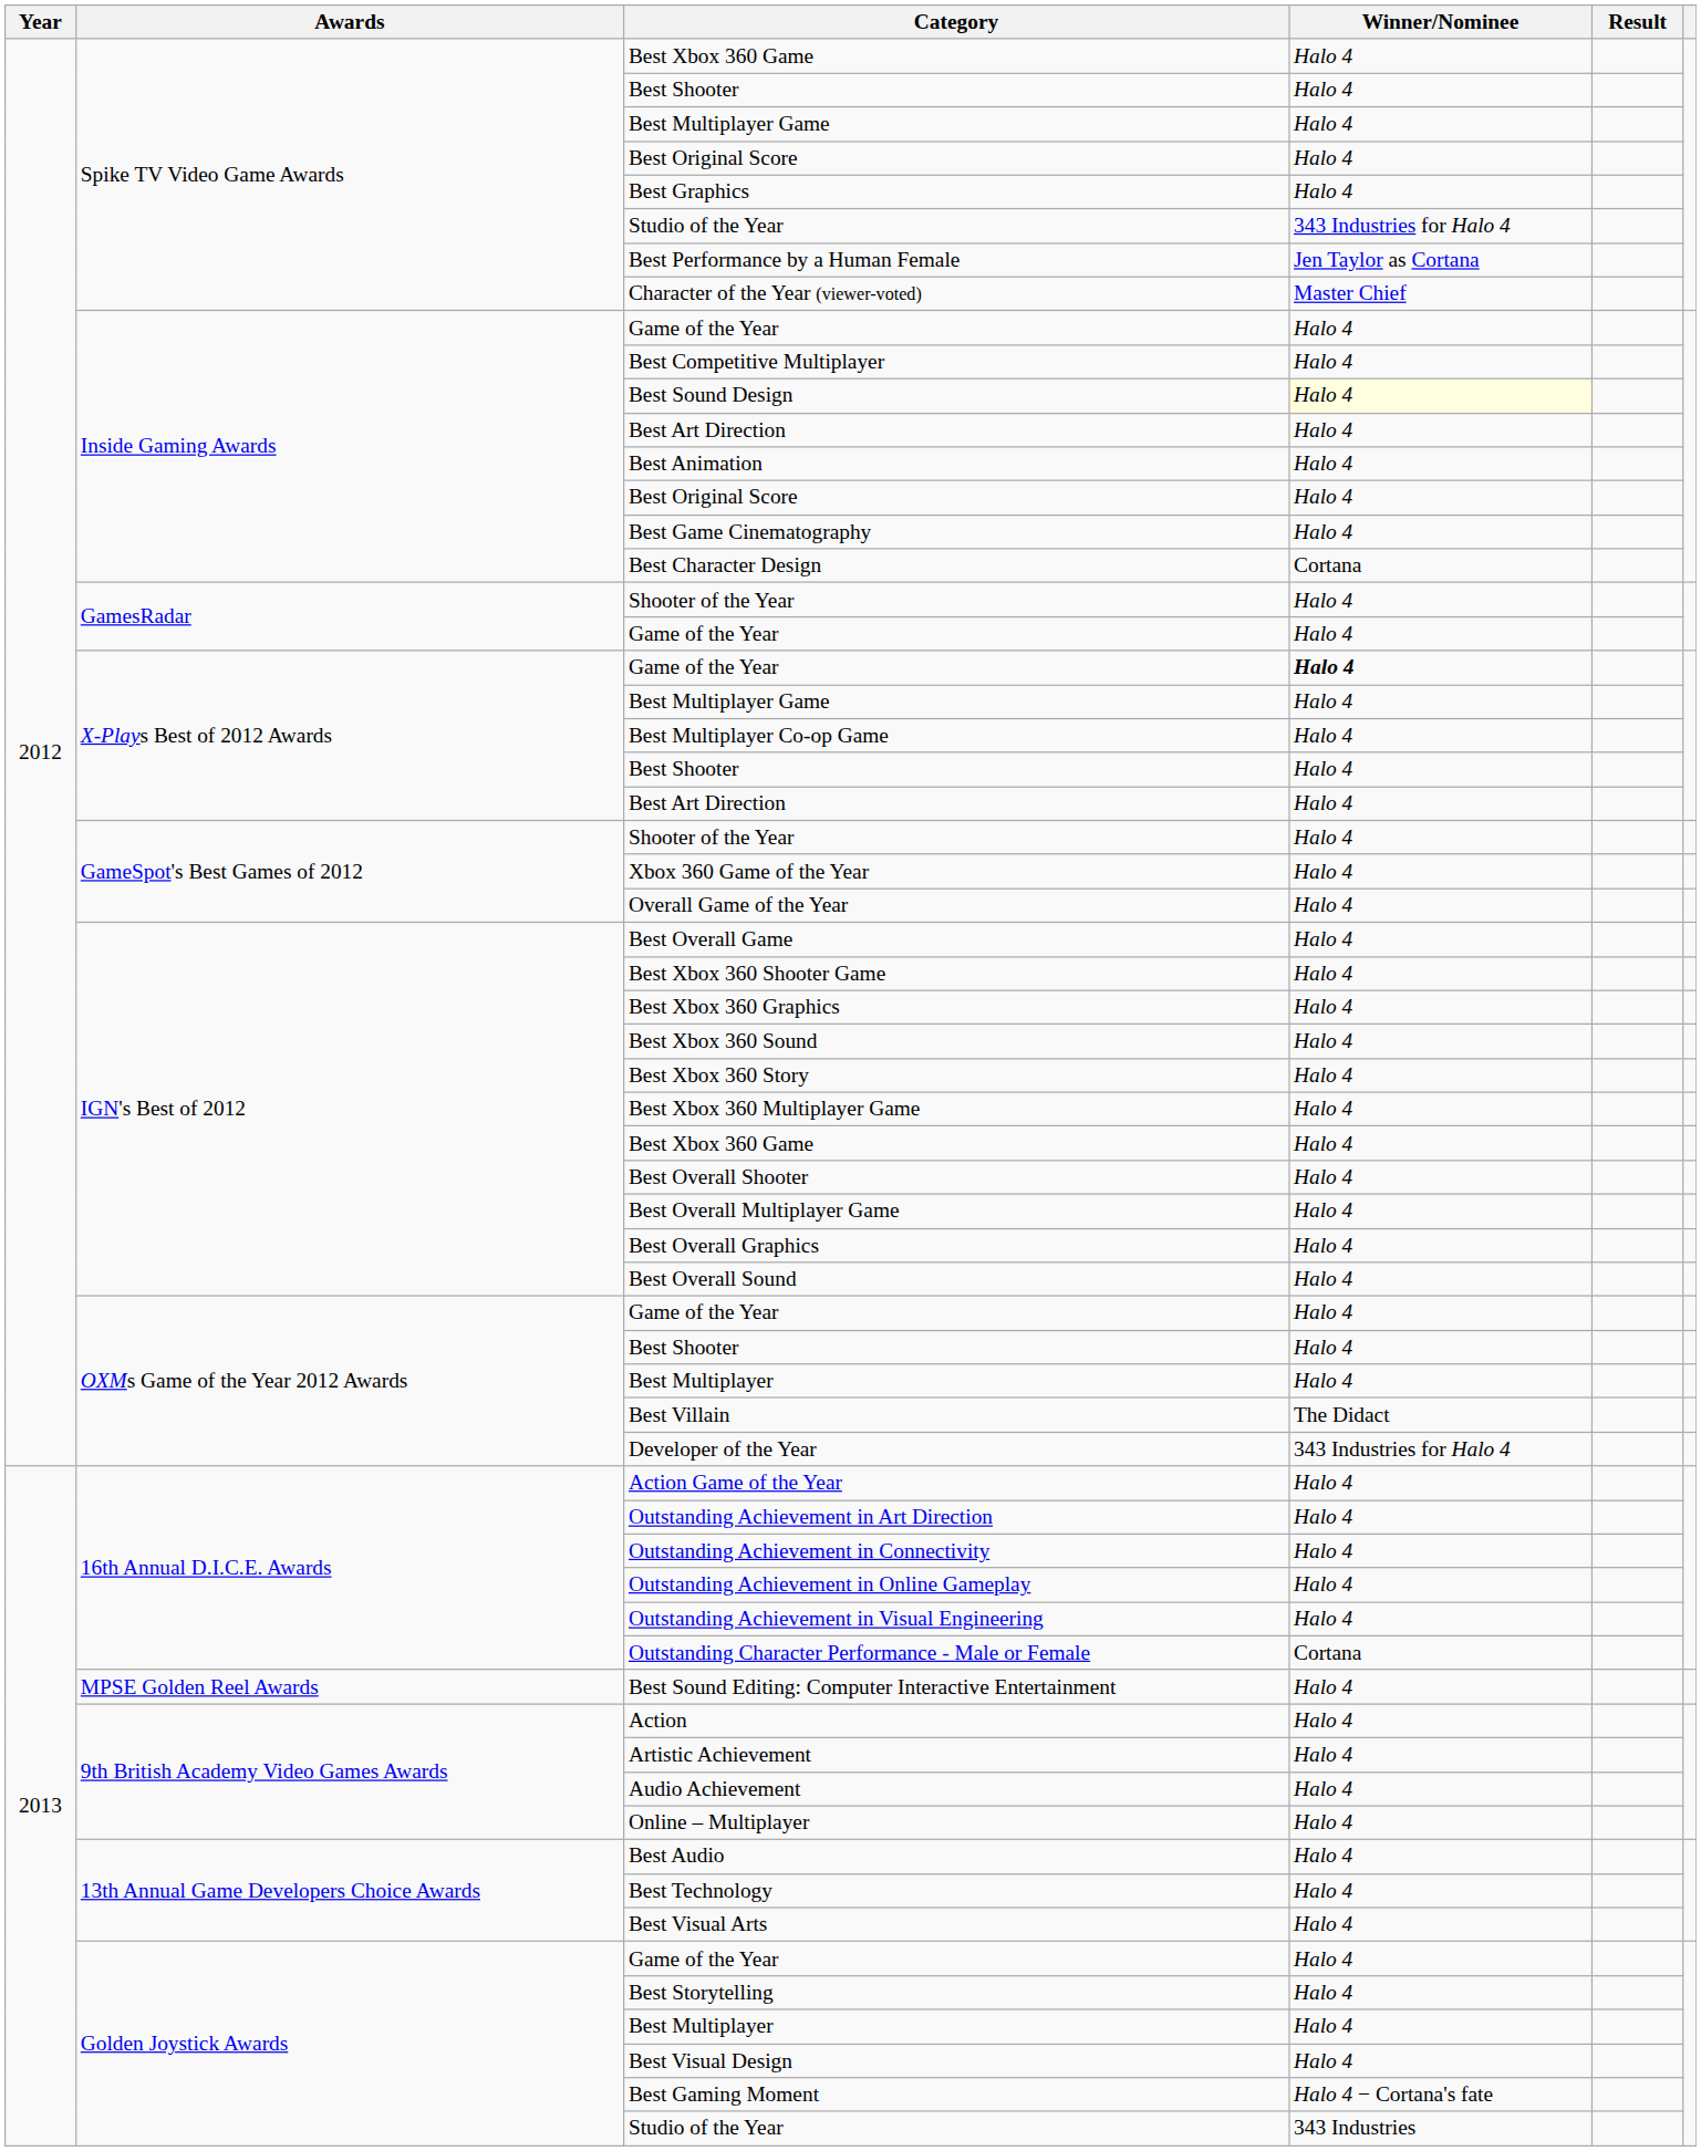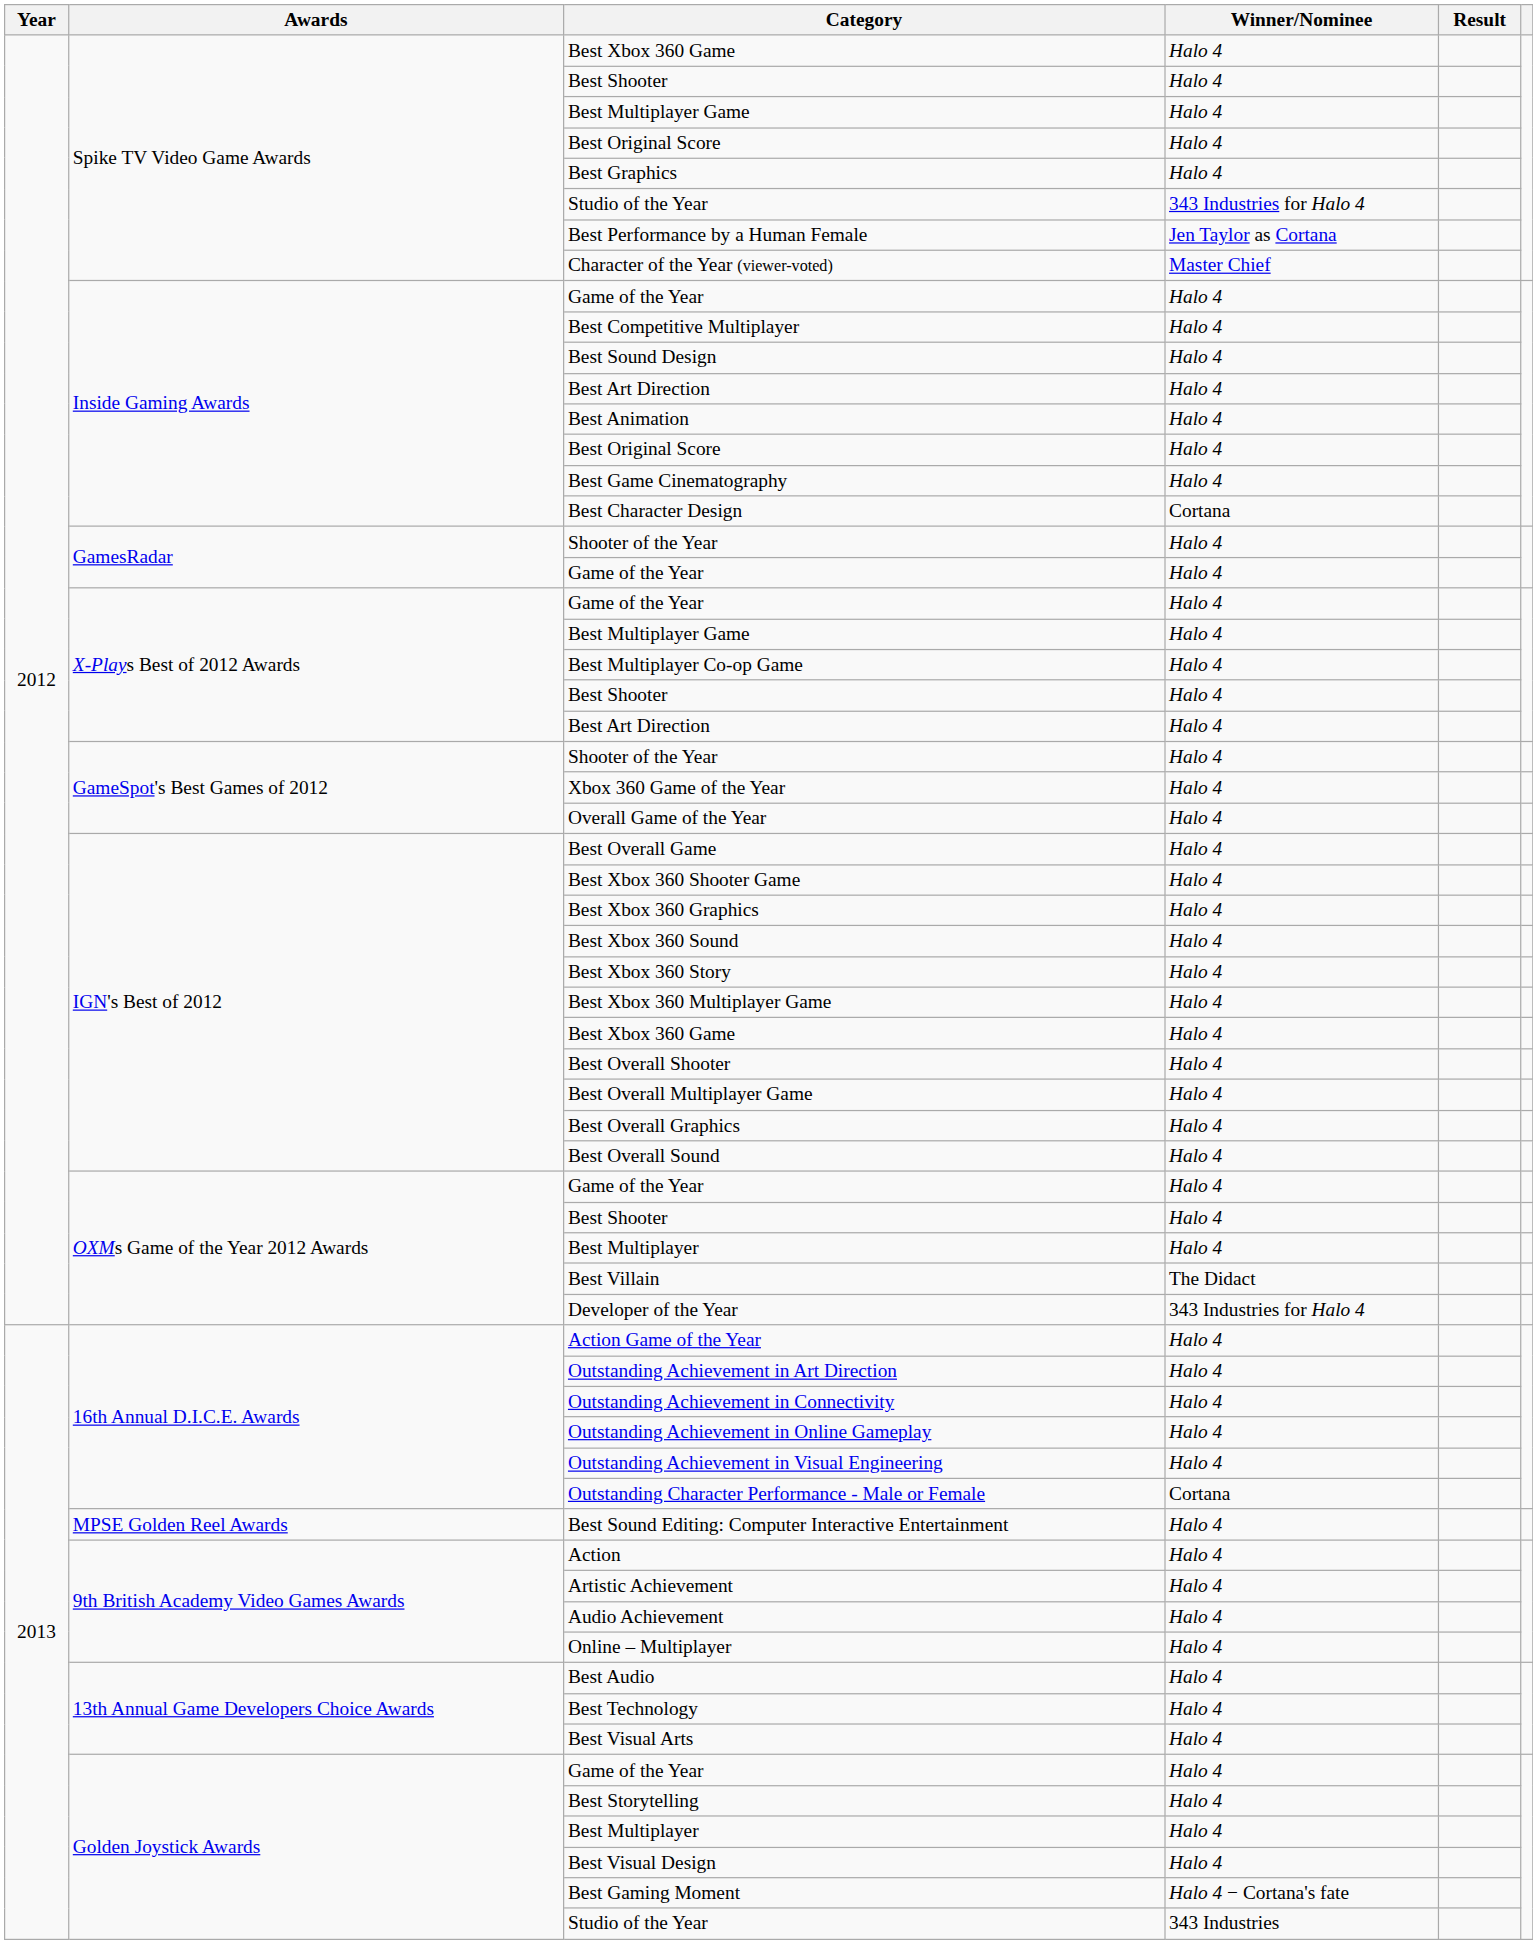 <table class="wikitable mw-collapsible mw-collapsed" style="width:100%;">
 <tr>
 <th>Year</th>
 <th>Awards</th>
 <th>Category</th>
 <th>Winner/Nominee</th>
 <th>Result</th>
 <th></th>
 </tr>
 <tr>
 <td rowspan="42" style="text-align:center;">2012</td>
 <td rowspan="8">Spike TV Video Game Awards</td>
 <td>Best Xbox 360 Game</td>
 <td><em>Halo 4</em></td>
 <td></td>
 <td rowspan="8" style="text-align:center;"></td>
 </tr>
 <tr>
 <td>Best Shooter</td>
 <td><em>Halo 4</em></td>
 <td></td>
 </tr>
 <tr>
 <td>Best Multiplayer Game</td>
 <td><em>Halo 4</em></td>
 <td></td>
 </tr>
 <tr>
 <td>Best Original Score</td>
 <td><em>Halo 4</em></td>
 <td></td>
 </tr>
 <tr>
 <td>Best Graphics</td>
 <td><em>Halo 4</em></td>
 <td></td>
 </tr>
 <tr>
 <td>Studio of the Year</td>
 <td><a href='#'>343 Industries</a> for <em>Halo 4</em></td>
 <td></td>
 </tr>
 <tr>
 <td>Best Performance by a Human Female</td>
 <td><a href='#'>Jen Taylor</a> as <a href='#'>Cortana</a></td>
 <td></td>
 </tr>
 <tr>
 <td>Character of the Year <small>(viewer-voted)</small></td>
 <td><a href='#'>Master Chief</a></td>
 <td></td>
 </tr>
 <tr>
 <td rowspan="8"><a href='#'>Inside Gaming Awards</a></td>
 <td>Game of the Year</td>
 <td><em>Halo 4</em></td>
 <td></td>
 <td rowspan="8" style="text-align:center;"><br></td>
 </tr>
 <tr>
 <td>Best Competitive Multiplayer</td>
 <td><em>Halo 4</em></td>
 <td></td>
 </tr>
 <tr>
 <td>Best Sound Design</td>
-<td style="background: lightyellow;"><em>Halo 4</em></td>
+<td><em>Halo 4</em></td>
 <td></td>
 </tr>
 <tr>
 <td>Best Art Direction</td>
 <td><em>Halo 4</em></td>
 <td></td>
 </tr>
 <tr>
 <td>Best Animation</td>
 <td><em>Halo 4</em></td>
 <td></td>
 </tr>
 <tr>
 <td>Best Original Score</td>
 <td><em>Halo 4</em></td>
 <td></td>
 </tr>
 <tr>
 <td>Best Game Cinematography</td>
 <td><em>Halo 4</em></td>
 <td></td>
 </tr>
 <tr>
 <td>Best Character Design</td>
 <td>Cortana</td>
 <td></td>
 </tr>
 <tr>
 <td rowspan="2"><a href='#'>GamesRadar</a></td>
 <td>Shooter of the Year</td>
 <td><em>Halo 4</em></td>
 <td></td>
 <td rowspan="2" style="text-align:center;"></td>
 </tr>
 <tr>
 <td>Game of the Year</td>
 <td><em>Halo 4</em></td>
 <td></td>
 </tr>
 <tr>
 <td rowspan="5"><em><a href='#'>X-Play</a></em>s Best of 2012 Awards</td>
 <td>Game of the Year</td>
-<td><strong><em>Halo 4</em></strong></td>
+<td><em>Halo 4</em></td>
 <td></td>
 <td rowspan="5" style="text-align:center;"></td>
 </tr>
 <tr>
 <td>Best Multiplayer Game</td>
 <td><em>Halo 4</em></td>
 <td></td>
 </tr>
 <tr>
 <td>Best Multiplayer Co-op Game</td>
 <td><em>Halo 4</em></td>
 <td></td>
 </tr>
 <tr>
 <td>Best Shooter</td>
 <td><em>Halo 4</em></td>
 <td></td>
 </tr>
 <tr>
 <td>Best Art Direction</td>
 <td><em>Halo 4</em></td>
 <td></td>
 </tr>
 <tr>
 <td rowspan="3"><a href='#'>GameSpot</a>'s Best Games of 2012</td>
 <td>Shooter of the Year</td>
 <td><em>Halo 4</em></td>
 <td></td>
 <td style="text-align:center;"></td>
 </tr>
 <tr>
 <td>Xbox 360 Game of the Year</td>
 <td><em>Halo 4</em></td>
 <td></td>
 <td style="text-align:center;"></td>
 </tr>
 <tr>
 <td>Overall Game of the Year</td>
 <td><em>Halo 4</em></td>
 <td></td>
 <td style="text-align:center;"></td>
 </tr>
 <tr>
 <td rowspan="11"><a href='#'>IGN</a>'s Best of 2012</td>
 <td>Best Overall Game</td>
 <td><em>Halo 4</em></td>
 <td></td>
 <td style="text-align:center;"></td>
 </tr>
 <tr>
 <td>Best Xbox 360 Shooter Game</td>
 <td><em>Halo 4</em></td>
 <td></td>
 <td style="text-align:center;"></td>
 </tr>
 <tr>
 <td>Best Xbox 360 Graphics</td>
 <td><em>Halo 4</em></td>
 <td></td>
 <td style="text-align:center;"></td>
 </tr>
 <tr>
 <td>Best Xbox 360 Sound</td>
 <td><em>Halo 4</em></td>
 <td></td>
 <td style="text-align:center;"></td>
 </tr>
 <tr>
 <td>Best Xbox 360 Story</td>
 <td><em>Halo 4</em></td>
 <td></td>
 <td style="text-align:center;"></td>
 </tr>
 <tr>
 <td>Best Xbox 360 Multiplayer Game</td>
 <td><em>Halo 4</em></td>
 <td></td>
 <td style="text-align:center;"></td>
 </tr>
 <tr>
 <td>Best Xbox 360 Game</td>
 <td><em>Halo 4</em></td>
 <td></td>
 <td style="text-align:center;"></td>
 </tr>
 <tr>
 <td>Best Overall Shooter</td>
 <td><em>Halo 4</em></td>
 <td></td>
 <td style="text-align:center;"></td>
 </tr>
 <tr>
 <td>Best Overall Multiplayer Game</td>
 <td><em>Halo 4</em></td>
 <td></td>
 <td style="text-align:center;"></td>
 </tr>
 <tr>
 <td>Best Overall Graphics</td>
 <td><em>Halo 4</em></td>
 <td></td>
 <td style="text-align:center;"></td>
 </tr>
 <tr>
 <td>Best Overall Sound</td>
 <td><em>Halo 4</em></td>
 <td></td>
 <td style="text-align:center;"></td>
 </tr>
 <tr>
 <td rowspan="5"><em><a href='#'>OXM</a></em>s Game of the Year 2012 Awards</td>
 <td>Game of the Year</td>
 <td><em>Halo 4</em></td>
 <td></td>
 <td style="text-align:center;"></td>
 </tr>
 <tr>
 <td>Best Shooter</td>
 <td><em>Halo 4</em></td>
 <td></td>
 <td style="text-align:center;"></td>
 </tr>
 <tr>
 <td>Best Multiplayer</td>
 <td><em>Halo 4</em></td>
 <td></td>
 <td style="text-align:center;"></td>
 </tr>
 <tr>
 <td>Best Villain</td>
 <td>The Didact</td>
 <td></td>
 <td style="text-align:center;"></td>
 </tr>
 <tr>
 <td>Developer of the Year</td>
 <td>343 Industries for <em>Halo 4</em></td>
 <td></td>
 <td style="text-align:center;"></td>
 </tr>
 <tr>
 <td rowspan="20" style="text-align:center;">2013</td>
 <td rowspan="6"><a href='#'>16th Annual D.I.C.E. Awards</a></td>
 <td><a href='#'>Action Game of the Year</a></td>
 <td><em>Halo 4</em></td>
 <td></td>
 <td rowspan="6" style="text-align:center;"><br></td>
 </tr>
 <tr>
 <td><a href='#'>Outstanding Achievement in Art Direction</a></td>
 <td><em>Halo 4</em></td>
 <td></td>
 </tr>
 <tr>
 <td><a href='#'>Outstanding Achievement in Connectivity</a></td>
 <td><em>Halo 4</em></td>
 <td></td>
 </tr>
 <tr>
 <td><a href='#'>Outstanding Achievement in Online Gameplay</a></td>
 <td><em>Halo 4</em></td>
 <td></td>
 </tr>
 <tr>
 <td><a href='#'>Outstanding Achievement in Visual Engineering</a></td>
 <td><em>Halo 4</em></td>
 <td></td>
 </tr>
 <tr>
 <td><a href='#'>Outstanding Character Performance - Male or Female</a></td>
 <td>Cortana</td>
 <td></td>
 </tr>
 <tr>
 <td><a href='#'>MPSE Golden Reel Awards</a></td>
 <td>Best Sound Editing: Computer Interactive Entertainment</td>
 <td><em>Halo 4</em></td>
 <td></td>
 <td style="text-align:center;"></td>
 </tr>
 <tr>
 <td rowspan="4"><a href='#'>9th British Academy Video Games Awards</a></td>
 <td>Action</td>
 <td><em>Halo 4</em></td>
 <td></td>
 <td rowspan="4" style="text-align:center;"></td>
 </tr>
 <tr>
 <td>Artistic Achievement</td>
 <td><em>Halo 4</em></td>
 <td></td>
 </tr>
 <tr>
 <td>Audio Achievement</td>
 <td><em>Halo 4</em></td>
 <td></td>
 </tr>
 <tr>
 <td>Online – Multiplayer</td>
 <td><em>Halo 4</em></td>
 <td></td>
 </tr>
 <tr>
 <td rowspan="3"><a href='#'>13th Annual Game Developers Choice Awards</a></td>
 <td>Best Audio</td>
 <td><em>Halo 4</em></td>
 <td></td>
 <td rowspan="3" style="text-align:center;"></td>
 </tr>
 <tr>
 <td>Best Technology</td>
 <td><em>Halo 4</em></td>
 <td></td>
 </tr>
 <tr>
 <td>Best Visual Arts</td>
 <td><em>Halo 4</em></td>
 <td></td>
 </tr>
 <tr>
 <td rowspan="6"><a href='#'>Golden Joystick Awards</a></td>
 <td>Game of the Year</td>
 <td><em>Halo 4</em></td>
 <td></td>
 <td rowspan="6" style="text-align:center;"></td>
 </tr>
 <tr>
 <td>Best Storytelling</td>
 <td><em>Halo 4</em></td>
 <td></td>
 </tr>
 <tr>
 <td>Best Multiplayer</td>
 <td><em>Halo 4</em></td>
 <td></td>
 </tr>
 <tr>
 <td>Best Visual Design</td>
 <td><em>Halo 4</em></td>
 <td></td>
 </tr>
 <tr>
 <td>Best Gaming Moment</td>
 <td><em>Halo 4</em> − Cortana's fate</td>
 <td></td>
 </tr>
 <tr>
 <td>Studio of the Year</td>
 <td>343 Industries</td>
 <td></td>
 </tr>
 </table>
